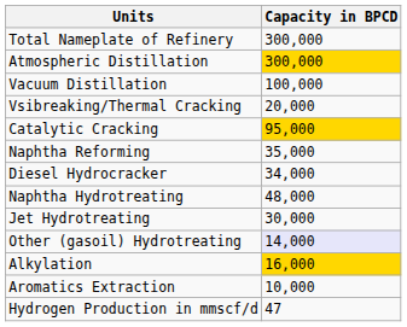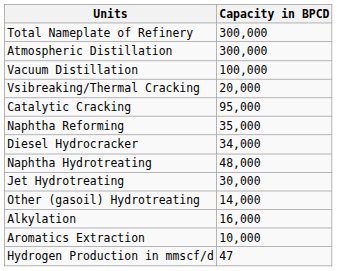 <table class="wikitable">
 <tr>
 <th>Units</th>
 <th>Capacity in BPCD</th>
 </tr>
 <tr>
 <td>Total Nameplate of Refinery</td>
 <td>300,000</td>
 </tr>
 <tr>
 <td>Atmospheric Distillation</td>
-<td style="background: gold;">300,000</td>
+<td>300,000</td>
 </tr>
 <tr>
 <td>Vacuum Distillation</td>
 <td>100,000</td>
 </tr>
 <tr>
 <td>Vsibreaking/Thermal Cracking</td>
 <td>20,000</td>
 </tr>
 <tr>
 <td>Catalytic Cracking</td>
-<td style="background: gold;">95,000</td>
+<td>95,000</td>
 </tr>
 <tr>
 <td>Naphtha Reforming</td>
 <td>35,000</td>
 </tr>
 <tr>
 <td>Diesel Hydrocracker</td>
 <td>34,000</td>
 </tr>
 <tr>
 <td>Naphtha Hydrotreating</td>
 <td>48,000</td>
 </tr>
 <tr>
 <td>Jet Hydrotreating</td>
 <td>30,000</td>
 </tr>
 <tr>
 <td>Other (gasoil) Hydrotreating</td>
-<td style="background: lavender;">14,000</td>
+<td>14,000</td>
 </tr>
 <tr>
 <td>Alkylation</td>
-<td style="background: gold;">16,000</td>
+<td>16,000</td>
 </tr>
 <tr>
 <td>Aromatics Extraction</td>
 <td>10,000</td>
 </tr>
 <tr>
 <td>Hydrogen Production in mmscf/d</td>
 <td>47</td>
 </tr>
 </table>
